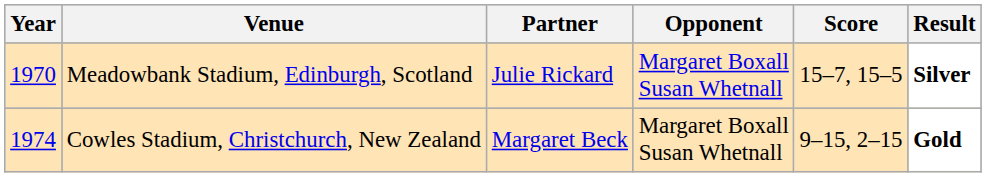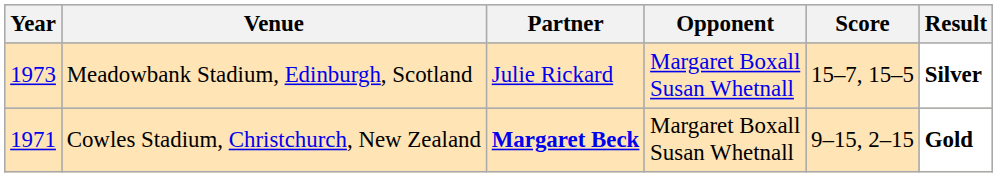 <table class="sortable wikitable" style="font-size: 90%;">
 <tr>
 <th>Year</th>
 <th>Venue</th>
 <th>Partner</th>
 <th>Opponent</th>
 <th>Score</th>
 <th>Result</th>
 </tr>
 <tr style="background:#FFE4B5">
-<td align="center"><a href='#'>1970</a></td>
+<td align="center"><a href='#'>1973</a></td>
 <td align="left">Meadowbank Stadium, <a href='#'>Edinburgh</a>, Scotland</td>
 <td align="left"> <a href='#'>Julie Rickard</a></td>
 <td align="left"> <a href='#'>Margaret Boxall</a><br> <a href='#'>Susan Whetnall</a></td>
 <td align="left">15–7, 15–5</td>
 <td style="text-align:left; background:white"> <strong>Silver</strong></td>
 </tr>
 <tr style="background:#FFE4B5">
-<td align="center"><a href='#'>1974</a></td>
+<td align="center"><a href='#'>1971</a></td>
 <td align="left">Cowles Stadium, <a href='#'>Christchurch</a>, New Zealand</td>
-<td align="left"> <a href='#'>Margaret Beck</a></td>
+<td align="left"><strong> <a href='#'>Margaret Beck</a></strong></td>
 <td align="left"> Margaret Boxall<br> Susan Whetnall</td>
 <td align="left">9–15, 2–15</td>
 <td style="text-align:left; background:white"> <strong>Gold</strong></td>
 </tr>
 </table>
